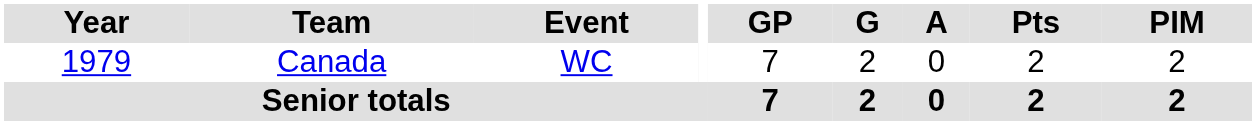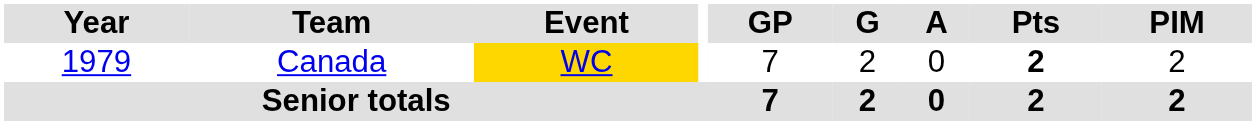 <table border="0" cellpadding="1" cellspacing="0" ID="Table3" style="text-align:center; width:40em">
 <tr bgcolor="#e0e0e0">
 <th>Year</th>
 <th>Team</th>
 <th>Event</th>
 <th rowspan="102" bgcolor="#ffffff"></th>
 <th>GP</th>
 <th>G</th>
 <th>A</th>
 <th>Pts</th>
 <th>PIM</th>
 </tr>
 <tr>
 <td><a href='#'>1979</a></td>
 <td><a href='#'>Canada</a></td>
-<td><a href='#'>WC</a></td>
+<td style="background: gold;"><a href='#'>WC</a></td>
 <td>7</td>
 <td>2</td>
 <td>0</td>
-<td>2</td>
+<td><strong>2</strong></td>
 <td>2</td>
 </tr>
 <tr bgcolor="#e0e0e0">
 <th colspan="4">Senior totals</th>
 <th>7</th>
 <th>2</th>
 <th>0</th>
 <th>2</th>
 <th>2</th>
 </tr>
 </table>
